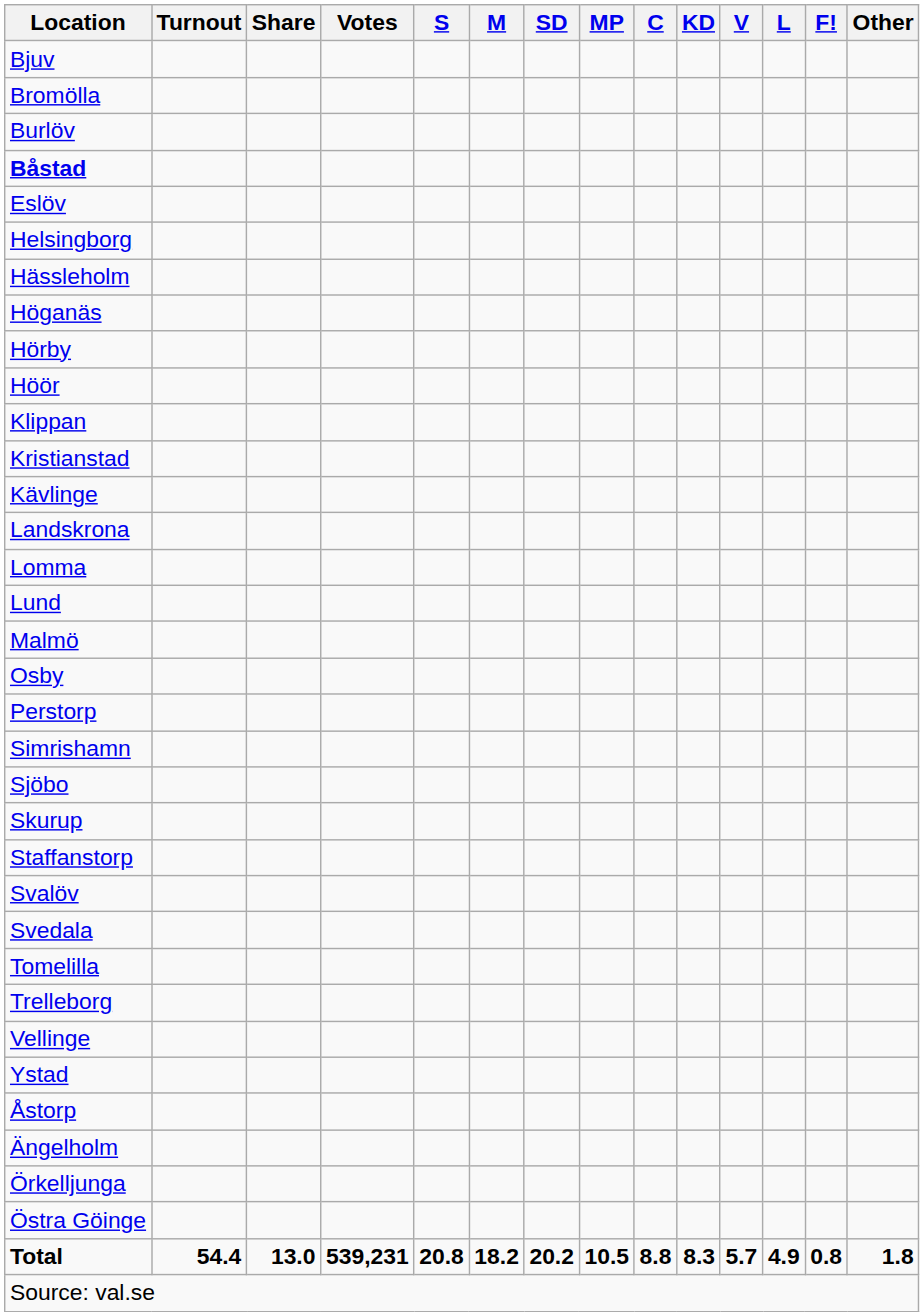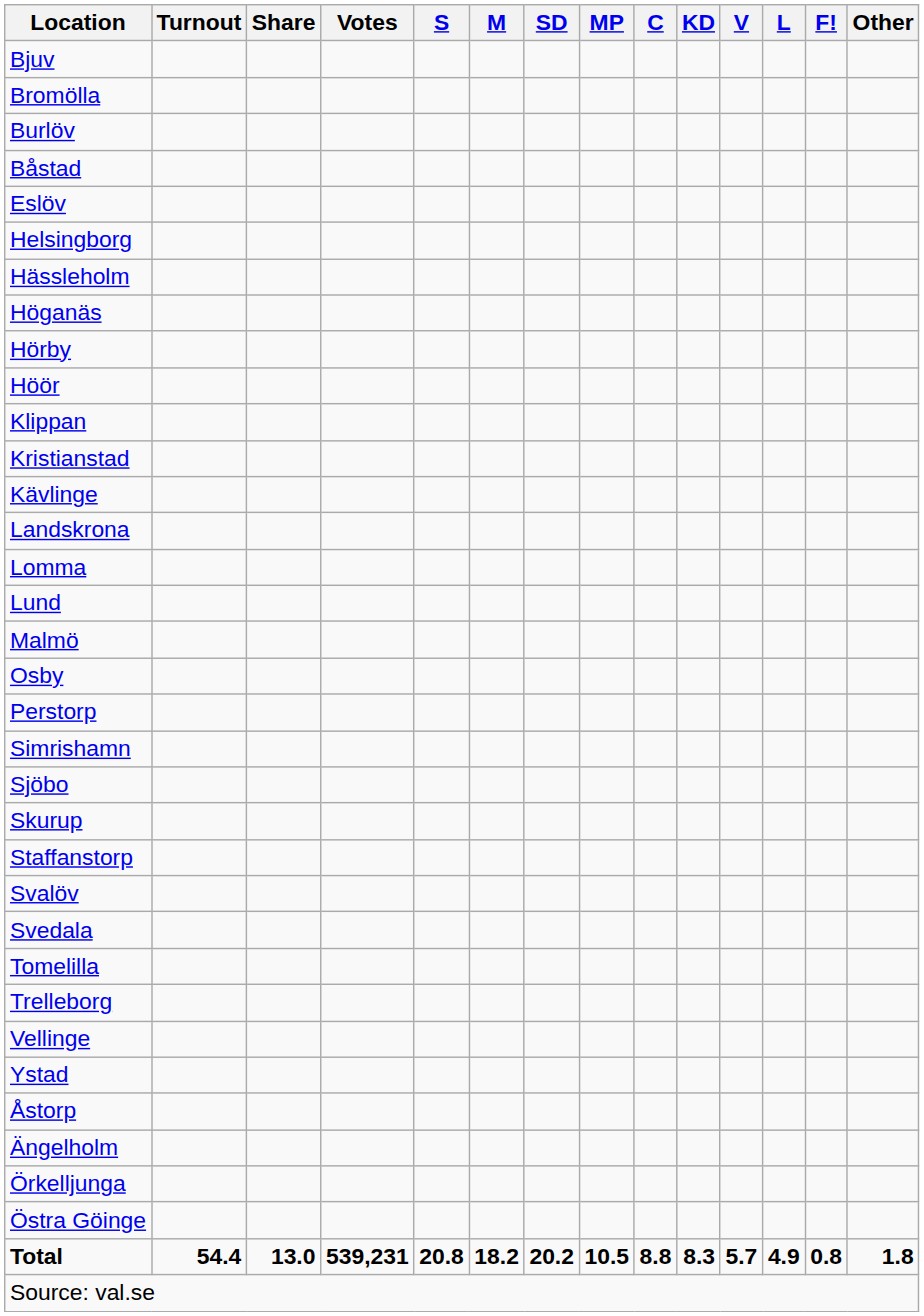 <table class="wikitable sortable" style=text-align:right>
 <tr>
 <th>Location</th>
 <th>Turnout</th>
 <th>Share</th>
 <th>Votes</th>
 <th><a href='#'>S</a></th>
 <th><a href='#'>M</a></th>
 <th><a href='#'>SD</a></th>
 <th><a href='#'>MP</a></th>
 <th><a href='#'>C</a></th>
 <th><a href='#'>KD</a></th>
 <th><a href='#'>V</a></th>
 <th><a href='#'>L</a></th>
 <th><a href='#'>F!</a></th>
 <th>Other</th>
 </tr>
 <tr>
 <td align=left><a href='#'>Bjuv</a></td>
 <td></td>
 <td></td>
 <td></td>
 <td></td>
 <td></td>
 <td></td>
 <td></td>
 <td></td>
 <td></td>
 <td></td>
 <td></td>
 <td></td>
 <td></td>
 </tr>
 <tr>
 <td align=left><a href='#'>Bromölla</a></td>
 <td></td>
 <td></td>
 <td></td>
 <td></td>
 <td></td>
 <td></td>
 <td></td>
 <td></td>
 <td></td>
 <td></td>
 <td></td>
 <td></td>
 <td></td>
 </tr>
 <tr>
 <td align=left><a href='#'>Burlöv</a></td>
 <td></td>
 <td></td>
 <td></td>
 <td></td>
 <td></td>
 <td></td>
 <td></td>
 <td></td>
 <td></td>
 <td></td>
 <td></td>
 <td></td>
 <td></td>
 </tr>
 <tr>
-<td align=left><strong><a href='#'>Båstad</a></strong></td>
+<td align=left><a href='#'>Båstad</a></td>
 <td></td>
 <td></td>
 <td></td>
 <td></td>
 <td></td>
 <td></td>
 <td></td>
 <td></td>
 <td></td>
 <td></td>
 <td></td>
 <td></td>
 <td></td>
 </tr>
 <tr>
 <td align=left><a href='#'>Eslöv</a></td>
 <td></td>
 <td></td>
 <td></td>
 <td></td>
 <td></td>
 <td></td>
 <td></td>
 <td></td>
 <td></td>
 <td></td>
 <td></td>
 <td></td>
 <td></td>
 </tr>
 <tr>
 <td align=left><a href='#'>Helsingborg</a></td>
 <td></td>
 <td></td>
 <td></td>
 <td></td>
 <td></td>
 <td></td>
 <td></td>
 <td></td>
 <td></td>
 <td></td>
 <td></td>
 <td></td>
 <td></td>
 </tr>
 <tr>
 <td align=left><a href='#'>Hässleholm</a></td>
 <td></td>
 <td></td>
 <td></td>
 <td></td>
 <td></td>
 <td></td>
 <td></td>
 <td></td>
 <td></td>
 <td></td>
 <td></td>
 <td></td>
 <td></td>
 </tr>
 <tr>
 <td align=left><a href='#'>Höganäs</a></td>
 <td></td>
 <td></td>
 <td></td>
 <td></td>
 <td></td>
 <td></td>
 <td></td>
 <td></td>
 <td></td>
 <td></td>
 <td></td>
 <td></td>
 <td></td>
 </tr>
 <tr>
 <td align=left><a href='#'>Hörby</a></td>
 <td></td>
 <td></td>
 <td></td>
 <td></td>
 <td></td>
 <td></td>
 <td></td>
 <td></td>
 <td></td>
 <td></td>
 <td></td>
 <td></td>
 <td></td>
 </tr>
 <tr>
 <td align=left><a href='#'>Höör</a></td>
 <td></td>
 <td></td>
 <td></td>
 <td></td>
 <td></td>
 <td></td>
 <td></td>
 <td></td>
 <td></td>
 <td></td>
 <td></td>
 <td></td>
 <td></td>
 </tr>
 <tr>
 <td align=left><a href='#'>Klippan</a></td>
 <td></td>
 <td></td>
 <td></td>
 <td></td>
 <td></td>
 <td></td>
 <td></td>
 <td></td>
 <td></td>
 <td></td>
 <td></td>
 <td></td>
 <td></td>
 </tr>
 <tr>
 <td align=left><a href='#'>Kristianstad</a></td>
 <td></td>
 <td></td>
 <td></td>
 <td></td>
 <td></td>
 <td></td>
 <td></td>
 <td></td>
 <td></td>
 <td></td>
 <td></td>
 <td></td>
 <td></td>
 </tr>
 <tr>
 <td align=left><a href='#'>Kävlinge</a></td>
 <td></td>
 <td></td>
 <td></td>
 <td></td>
 <td></td>
 <td></td>
 <td></td>
 <td></td>
 <td></td>
 <td></td>
 <td></td>
 <td></td>
 <td></td>
 </tr>
 <tr>
 <td align=left><a href='#'>Landskrona</a></td>
 <td></td>
 <td></td>
 <td></td>
 <td></td>
 <td></td>
 <td></td>
 <td></td>
 <td></td>
 <td></td>
 <td></td>
 <td></td>
 <td></td>
 <td></td>
 </tr>
 <tr>
 <td align=left><a href='#'>Lomma</a></td>
 <td></td>
 <td></td>
 <td></td>
 <td></td>
 <td></td>
 <td></td>
 <td></td>
 <td></td>
 <td></td>
 <td></td>
 <td></td>
 <td></td>
 <td></td>
 </tr>
 <tr>
 <td align=left><a href='#'>Lund</a></td>
 <td></td>
 <td></td>
 <td></td>
 <td></td>
 <td></td>
 <td></td>
 <td></td>
 <td></td>
 <td></td>
 <td></td>
 <td></td>
 <td></td>
 <td></td>
 </tr>
 <tr>
 <td align=left><a href='#'>Malmö</a></td>
 <td></td>
 <td></td>
 <td></td>
 <td></td>
 <td></td>
 <td></td>
 <td></td>
 <td></td>
 <td></td>
 <td></td>
 <td></td>
 <td></td>
 <td></td>
 </tr>
 <tr>
 <td align=left><a href='#'>Osby</a></td>
 <td></td>
 <td></td>
 <td></td>
 <td></td>
 <td></td>
 <td></td>
 <td></td>
 <td></td>
 <td></td>
 <td></td>
 <td></td>
 <td></td>
 <td></td>
 </tr>
 <tr>
 <td align=left><a href='#'>Perstorp</a></td>
 <td></td>
 <td></td>
 <td></td>
 <td></td>
 <td></td>
 <td></td>
 <td></td>
 <td></td>
 <td></td>
 <td></td>
 <td></td>
 <td></td>
 <td></td>
 </tr>
 <tr>
 <td align=left><a href='#'>Simrishamn</a></td>
 <td></td>
 <td></td>
 <td></td>
 <td></td>
 <td></td>
 <td></td>
 <td></td>
 <td></td>
 <td></td>
 <td></td>
 <td></td>
 <td></td>
 <td></td>
 </tr>
 <tr>
 <td align=left><a href='#'>Sjöbo</a></td>
 <td></td>
 <td></td>
 <td></td>
 <td></td>
 <td></td>
 <td></td>
 <td></td>
 <td></td>
 <td></td>
 <td></td>
 <td></td>
 <td></td>
 <td></td>
 </tr>
 <tr>
 <td align=left><a href='#'>Skurup</a></td>
 <td></td>
 <td></td>
 <td></td>
 <td></td>
 <td></td>
 <td></td>
 <td></td>
 <td></td>
 <td></td>
 <td></td>
 <td></td>
 <td></td>
 <td></td>
 </tr>
 <tr>
 <td align=left><a href='#'>Staffanstorp</a></td>
 <td></td>
 <td></td>
 <td></td>
 <td></td>
 <td></td>
 <td></td>
 <td></td>
 <td></td>
 <td></td>
 <td></td>
 <td></td>
 <td></td>
 <td></td>
 </tr>
 <tr>
 <td align=left><a href='#'>Svalöv</a></td>
 <td></td>
 <td></td>
 <td></td>
 <td></td>
 <td></td>
 <td></td>
 <td></td>
 <td></td>
 <td></td>
 <td></td>
 <td></td>
 <td></td>
 <td></td>
 </tr>
 <tr>
 <td align=left><a href='#'>Svedala</a></td>
 <td></td>
 <td></td>
 <td></td>
 <td></td>
 <td></td>
 <td></td>
 <td></td>
 <td></td>
 <td></td>
 <td></td>
 <td></td>
 <td></td>
 <td></td>
 </tr>
 <tr>
 <td align=left><a href='#'>Tomelilla</a></td>
 <td></td>
 <td></td>
 <td></td>
 <td></td>
 <td></td>
 <td></td>
 <td></td>
 <td></td>
 <td></td>
 <td></td>
 <td></td>
 <td></td>
 <td></td>
 </tr>
 <tr>
 <td align=left><a href='#'>Trelleborg</a></td>
 <td></td>
 <td></td>
 <td></td>
 <td></td>
 <td></td>
 <td></td>
 <td></td>
 <td></td>
 <td></td>
 <td></td>
 <td></td>
 <td></td>
 <td></td>
 </tr>
 <tr>
 <td align=left><a href='#'>Vellinge</a></td>
 <td></td>
 <td></td>
 <td></td>
 <td></td>
 <td></td>
 <td></td>
 <td></td>
 <td></td>
 <td></td>
 <td></td>
 <td></td>
 <td></td>
 <td></td>
 </tr>
 <tr>
 <td align=left><a href='#'>Ystad</a></td>
 <td></td>
 <td></td>
 <td></td>
 <td></td>
 <td></td>
 <td></td>
 <td></td>
 <td></td>
 <td></td>
 <td></td>
 <td></td>
 <td></td>
 <td></td>
 </tr>
 <tr>
 <td align=left><a href='#'>Åstorp</a></td>
 <td></td>
 <td></td>
 <td></td>
 <td></td>
 <td></td>
 <td></td>
 <td></td>
 <td></td>
 <td></td>
 <td></td>
 <td></td>
 <td></td>
 <td></td>
 </tr>
 <tr>
 <td align=left><a href='#'>Ängelholm</a></td>
 <td></td>
 <td></td>
 <td></td>
 <td></td>
 <td></td>
 <td></td>
 <td></td>
 <td></td>
 <td></td>
 <td></td>
 <td></td>
 <td></td>
 <td></td>
 </tr>
 <tr>
 <td align=left><a href='#'>Örkelljunga</a></td>
 <td></td>
 <td></td>
 <td></td>
 <td></td>
 <td></td>
 <td></td>
 <td></td>
 <td></td>
 <td></td>
 <td></td>
 <td></td>
 <td></td>
 <td></td>
 </tr>
 <tr>
 <td align=left><a href='#'>Östra Göinge</a></td>
 <td></td>
 <td></td>
 <td></td>
 <td></td>
 <td></td>
 <td></td>
 <td></td>
 <td></td>
 <td></td>
 <td></td>
 <td></td>
 <td></td>
 <td></td>
 </tr>
 <tr>
 <td align=left><strong>Total</strong></td>
 <td><strong>54.4</strong></td>
 <td><strong>13.0</strong></td>
 <td><strong>539,231</strong></td>
 <td><strong>20.8</strong></td>
 <td><strong>18.2</strong></td>
 <td><strong>20.2</strong></td>
 <td><strong>10.5</strong></td>
 <td><strong>8.8</strong></td>
 <td><strong>8.3</strong></td>
 <td><strong>5.7</strong></td>
 <td><strong>4.9</strong></td>
 <td><strong>0.8</strong></td>
 <td><strong>1.8</strong></td>
 </tr>
 <tr>
 <td align=left colspan=14>Source: val.se </td>
 </tr>
 </table>
